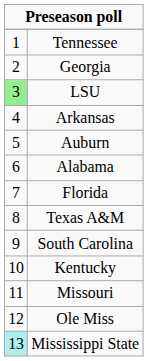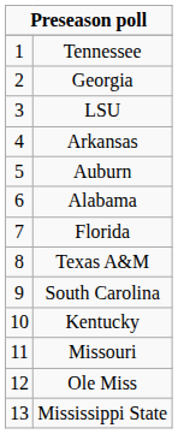 <table class="wikitable">
 <tr align="center">
 <td align="center" Colspan="3"><strong>Preseason poll</strong></td>
 </tr>
 <tr align="center">
 </tr>
 <tr align="center">
 <td>1</td>
 <td>Tennessee</td>
 </tr>
 <tr align="center">
 <td>2</td>
 <td>Georgia</td>
 </tr>
 <tr align="center">
-<td style="background: lightgreen;">3</td>
+<td>3</td>
 <td>LSU</td>
 </tr>
 <tr align="center">
 <td>4</td>
 <td>Arkansas</td>
 </tr>
 <tr align="center">
 <td>5</td>
 <td>Auburn</td>
 </tr>
 <tr align="center">
 <td>6</td>
 <td>Alabama</td>
 </tr>
 <tr align="center">
 <td>7</td>
 <td>Florida</td>
 </tr>
 <tr align="center">
 <td>8</td>
 <td>Texas A&M</td>
 </tr>
 <tr align="center">
 <td>9</td>
 <td>South Carolina</td>
 </tr>
 <tr align="center">
 <td>10</td>
 <td>Kentucky</td>
 </tr>
 <tr align="center">
 <td>11</td>
 <td>Missouri</td>
 </tr>
 <tr align="center">
 <td>12</td>
 <td>Ole Miss</td>
 </tr>
 <tr align="center">
-<td style="background: paleturquoise;">13</td>
+<td>13</td>
 <td>Mississippi State</td>
 </tr>
 </table>
